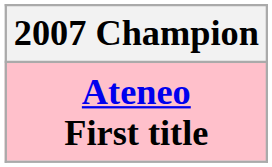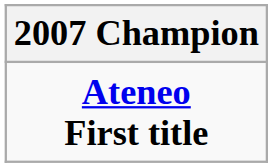 <table class=wikitable style="text-align:center; margin:auto">
 <tr>
 <th>2007 Champion</th>
 </tr>
 <tr>
-<td style="background: pink;"><strong><a href='#'>Ateneo</a></strong> <br> <strong>First title</strong></td>
+<td><strong><a href='#'>Ateneo</a></strong> <br> <strong>First title</strong></td>
 </tr>
 </table>
